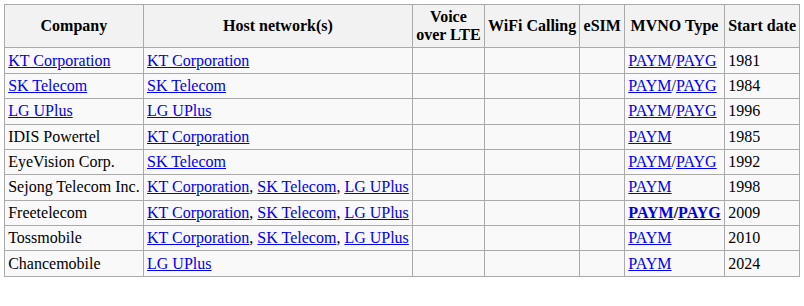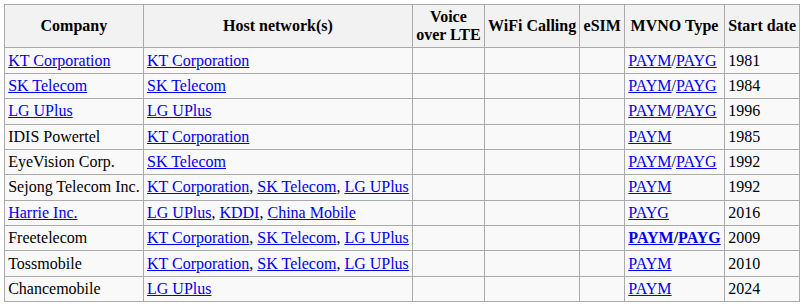 <table class="wikitable">
 <tr>
 <th>Company</th>
 <th>Host  network(s)</th>
 <th>Voice<br>over  LTE</th>
 <th>WiFi Calling</th>
 <th>eSIM</th>
 <th>MVNO Type</th>
 <th>Start date</th>
 </tr>
 <tr>
 <td><a href='#'>KT Corporation</a></td>
 <td><a href='#'>KT Corporation</a></td>
 <td></td>
 <td></td>
 <td></td>
 <td><a href='#'>PAYM</a>/<a href='#'>PAYG</a></td>
 <td>1981</td>
 </tr>
 <tr>
 <td><a href='#'>SK Telecom</a></td>
 <td><a href='#'>SK Telecom</a></td>
 <td></td>
 <td></td>
 <td></td>
 <td><a href='#'>PAYM</a>/<a href='#'>PAYG</a></td>
 <td>1984</td>
 </tr>
 <tr>
 <td><a href='#'>LG UPlus</a></td>
 <td><a href='#'>LG UPlus</a></td>
 <td></td>
 <td></td>
 <td></td>
 <td><a href='#'>PAYM</a>/<a href='#'>PAYG</a></td>
 <td>1996</td>
 </tr>
 <tr>
 <td>IDIS Powertel</td>
 <td><a href='#'>KT Corporation</a></td>
 <td></td>
 <td></td>
 <td></td>
 <td><a href='#'>PAYM</a></td>
 <td>1985</td>
 </tr>
 <tr>
 <td>EyeVision Corp.</td>
 <td><a href='#'>SK Telecom</a></td>
 <td></td>
 <td></td>
 <td></td>
 <td><a href='#'>PAYM</a>/<a href='#'>PAYG</a></td>
 <td>1992</td>
 </tr>
 <tr>
 <td>Sejong Telecom Inc.</td>
 <td><a href='#'>KT Corporation</a>, <a href='#'>SK Telecom</a>,  <a href='#'>LG UPlus</a></td>
 <td></td>
 <td></td>
 <td></td>
 <td><a href='#'>PAYM</a></td>
-<td>1998</td>
+<td>1992</td>
+</tr>
+<tr>
+<td><a href='#'>Harrie Inc.</a></td>
+<td><a href='#'>LG UPlus</a>, <a href='#'>KDDI</a>, <a href='#'>China Mobile</a></td>
+<td></td>
+<td></td>
+<td></td>
+<td><a href='#'>PAYG</a></td>
+<td>2016</td>
 </tr>
 <tr>
 <td>Freetelecom</td>
 <td><a href='#'>KT Corporation</a>, <a href='#'>SK Telecom</a>,  <a href='#'>LG UPlus</a></td>
 <td></td>
 <td></td>
 <td></td>
 <td><strong><a href='#'>PAYM</a>/<a href='#'>PAYG</a></strong></td>
 <td>2009</td>
 </tr>
 <tr>
 <td>Tossmobile</td>
 <td><a href='#'>KT Corporation</a>, <a href='#'>SK Telecom</a>,  <a href='#'>LG UPlus</a></td>
 <td></td>
 <td></td>
 <td></td>
 <td><a href='#'>PAYM</a></td>
 <td>2010</td>
 </tr>
 <tr>
 <td>Chancemobile</td>
 <td><a href='#'>LG UPlus</a></td>
 <td></td>
 <td></td>
 <td></td>
 <td><a href='#'>PAYM</a></td>
 <td>2024</td>
 </tr>
 </table>
